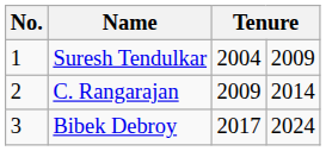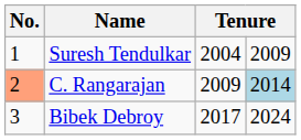 <table class="wikitable sortable" align="center" style="clear:center">
 <tr>
 <th>No.</th>
 <th>Name</th>
 <th colspan="2">Tenure</th>
 </tr>
 <tr>
 <td>1</td>
 <td><a href='#'>Suresh Tendulkar</a></td>
 <td>2004</td>
 <td>2009</td>
 </tr>
 <tr>
-<td>2</td>
+<td style="background: lightsalmon;">2</td>
 <td><a href='#'>C. Rangarajan</a></td>
 <td>2009</td>
-<td>2014</td>
+<td style="background: lightblue;">2014</td>
 </tr>
 <tr>
 <td>3</td>
 <td><a href='#'>Bibek Debroy</a></td>
 <td>2017</td>
 <td>2024</td>
 </tr>
 </table>
